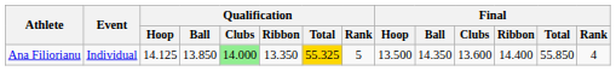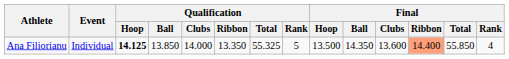 <table class=wikitable style="font-size:90%">
 <tr>
 <th rowspan=2>Athlete</th>
 <th rowspan=2>Event</th>
 <th colspan=6>Qualification</th>
 <th colspan=6>Final</th>
 </tr>
 <tr style="font-size:95%">
 <th>Hoop</th>
 <th>Ball</th>
 <th>Clubs</th>
 <th>Ribbon</th>
 <th>Total</th>
 <th>Rank</th>
 <th>Hoop</th>
 <th>Ball</th>
 <th>Clubs</th>
 <th>Ribbon</th>
 <th>Total</th>
 <th>Rank</th>
 </tr>
 <tr align=center>
 <td align=left><a href='#'>Ana Filiorianu</a></td>
 <td align=left><a href='#'>Individual</a></td>
-<td>14.125</td>
+<td><strong>14.125</strong></td>
 <td>13.850</td>
-<td style="background: lightgreen;">14.000</td>
+<td>14.000</td>
 <td>13.350</td>
-<td style="background: gold;">55.325</td>
+<td>55.325</td>
 <td>5 </td>
 <td>13.500</td>
 <td>14.350</td>
 <td>13.600</td>
-<td>14.400</td>
+<td style="background: lightsalmon;">14.400</td>
 <td>55.850</td>
 <td>4 </td>
 </tr>
 </table>
